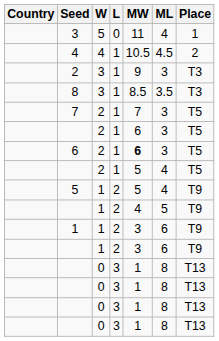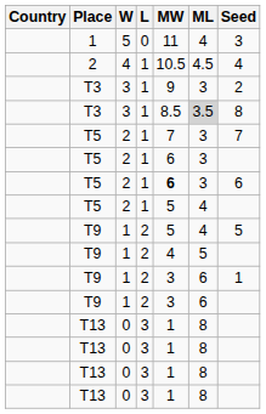 <table class="wikitable sortable" style="text-align:center">
 <tr>
 <th>Country</th>
-<th>Seed</th>
+<th>Place</th>
 <th>W</th>
 <th>L</th>
 <th>MW</th>
 <th>ML</th>
-<th>Place</th>
+<th>Seed</th>
 </tr>
 <tr>
 <td align=left></td>
-<td>3</td>
+<td>1</td>
 <td>5</td>
 <td>0</td>
 <td>11</td>
 <td>4</td>
+<td>3</td>
+</tr>
+<tr>
+<td align=left></td>
+<td>2</td>
+<td>4</td>
+<td>1</td>
+<td>10.5</td>
+<td>4.5</td>
+<td>4</td>
+</tr>
+<tr>
+<td align=left></td>
+<td>T3</td>
+<td>3</td>
+<td>1</td>
+<td>9</td>
+<td>3</td>
+<td>2</td>
+</tr>
+<tr>
+<td align=left></td>
+<td>T3</td>
+<td>3</td>
+<td>1</td>
+<td>8.5</td>
+<td style="background: lightgrey;">3.5</td>
+<td>8</td>
+</tr>
+<tr>
+<td align=left></td>
+<td>T5</td>
+<td>2</td>
+<td>1</td>
+<td>7</td>
+<td>3</td>
+<td>7</td>
+</tr>
+<tr>
+<td align=left></td>
+<td>T5</td>
+<td>2</td>
+<td>1</td>
+<td>6</td>
+<td>3</td>
+<td></td>
+</tr>
+<tr>
+<td align=left></td>
+<td>T5</td>
+<td>2</td>
+<td>1</td>
+<td><strong>6</strong></td>
+<td>3</td>
+<td>6</td>
+</tr>
+<tr>
+<td align=left></td>
+<td>T5</td>
+<td>2</td>
+<td>1</td>
+<td>5</td>
+<td>4</td>
+<td></td>
+</tr>
+<tr>
+<td align=left></td>
+<td>T9</td>
+<td>1</td>
+<td>2</td>
+<td>5</td>
+<td>4</td>
+<td>5</td>
+</tr>
+<tr>
+<td align=left></td>
+<td>T9</td>
+<td>1</td>
+<td>2</td>
+<td>4</td>
+<td>5</td>
+<td></td>
+</tr>
+<tr>
+<td align=left></td>
+<td>T9</td>
+<td>1</td>
+<td>2</td>
+<td>3</td>
+<td>6</td>
 <td>1</td>
 </tr>
 <tr>
 <td align=left></td>
-<td>4</td>
-<td>4</td>
-<td>1</td>
-<td>10.5</td>
-<td>4.5</td>
-<td>2</td>
-</tr>
-<tr>
-<td align=left></td>
-<td>2</td>
-<td>3</td>
-<td>1</td>
-<td>9</td>
-<td>3</td>
-<td>T3</td>
-</tr>
-<tr>
-<td align=left></td>
-<td>8</td>
-<td>3</td>
-<td>1</td>
-<td>8.5</td>
-<td>3.5</td>
-<td>T3</td>
-</tr>
-<tr>
-<td align=left></td>
-<td>7</td>
-<td>2</td>
-<td>1</td>
-<td>7</td>
-<td>3</td>
-<td>T5</td>
-</tr>
-<tr>
-<td align=left></td>
-<td></td>
-<td>2</td>
-<td>1</td>
-<td>6</td>
-<td>3</td>
-<td>T5</td>
-</tr>
-<tr>
-<td align=left></td>
-<td>6</td>
-<td>2</td>
-<td>1</td>
-<td><strong>6</strong></td>
-<td>3</td>
-<td>T5</td>
-</tr>
-<tr>
-<td align=left></td>
-<td></td>
-<td>2</td>
-<td>1</td>
-<td>5</td>
-<td>4</td>
-<td>T5</td>
-</tr>
-<tr>
-<td align=left></td>
-<td>5</td>
-<td>1</td>
-<td>2</td>
-<td>5</td>
-<td>4</td>
 <td>T9</td>
-</tr>
-<tr>
-<td align=left></td>
-<td></td>
-<td>1</td>
-<td>2</td>
-<td>4</td>
-<td>5</td>
-<td>T9</td>
-</tr>
-<tr>
-<td align=left></td>
-<td>1</td>
 <td>1</td>
 <td>2</td>
 <td>3</td>
 <td>6</td>
-<td>T9</td>
+<td></td>
 </tr>
 <tr>
 <td align=left></td>
-<td></td>
-<td>1</td>
-<td>2</td>
-<td>3</td>
-<td>6</td>
-<td>T9</td>
-</tr>
-<tr>
-<td align=left></td>
-<td></td>
+<td>T13</td>
 <td>0</td>
 <td>3</td>
 <td>1</td>
 <td>8</td>
-<td>T13</td>
+<td></td>
 </tr>
 <tr>
 <td align=left></td>
-<td></td>
+<td>T13</td>
 <td>0</td>
 <td>3</td>
 <td>1</td>
 <td>8</td>
-<td>T13</td>
+<td></td>
 </tr>
 <tr>
 <td align=left></td>
-<td></td>
+<td>T13</td>
 <td>0</td>
 <td>3</td>
 <td>1</td>
 <td>8</td>
-<td>T13</td>
+<td></td>
 </tr>
 <tr>
 <td align=left></td>
-<td></td>
+<td>T13</td>
 <td>0</td>
 <td>3</td>
 <td>1</td>
 <td>8</td>
-<td>T13</td>
+<td></td>
 </tr>
 </table>
